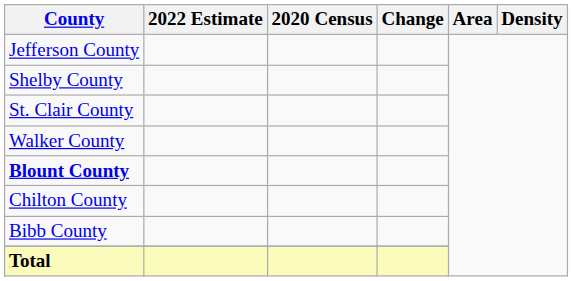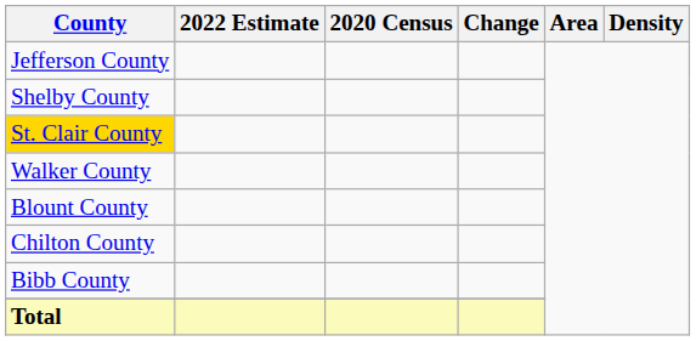 <table class="wikitable sortable">
 <tr>
 <th><a href='#'>County</a></th>
 <th>2022 Estimate</th>
 <th>2020 Census</th>
 <th>Change</th>
 <th>Area</th>
 <th>Density</th>
 </tr>
 <tr>
 <td><a href='#'>Jefferson County</a></td>
 <td></td>
 <td></td>
 <td></td>
 </tr>
 <tr>
 <td><a href='#'>Shelby County</a></td>
 <td></td>
 <td></td>
 <td></td>
 </tr>
 <tr>
-<td><a href='#'>St. Clair County</a></td>
+<td style="background: gold;"><a href='#'>St. Clair County</a></td>
 <td></td>
 <td></td>
 <td></td>
 </tr>
 <tr>
 <td><a href='#'>Walker County</a></td>
 <td></td>
 <td></td>
 <td></td>
 </tr>
 <tr>
-<td><strong><a href='#'>Blount County</a></strong></td>
+<td><a href='#'>Blount County</a></td>
 <td></td>
 <td></td>
 <td></td>
 </tr>
 <tr>
 <td><a href='#'>Chilton County</a></td>
 <td></td>
 <td></td>
 <td></td>
 </tr>
 <tr>
 <td><a href='#'>Bibb County</a></td>
 <td></td>
 <td></td>
 <td></td>
 </tr>
 <tr>
 </tr>
 <tr class=sortbottom style="background:#fbfbbb">
 <td><strong>Total</strong></td>
 <td></td>
 <td></td>
 <td></td>
 </tr>
 </table>
